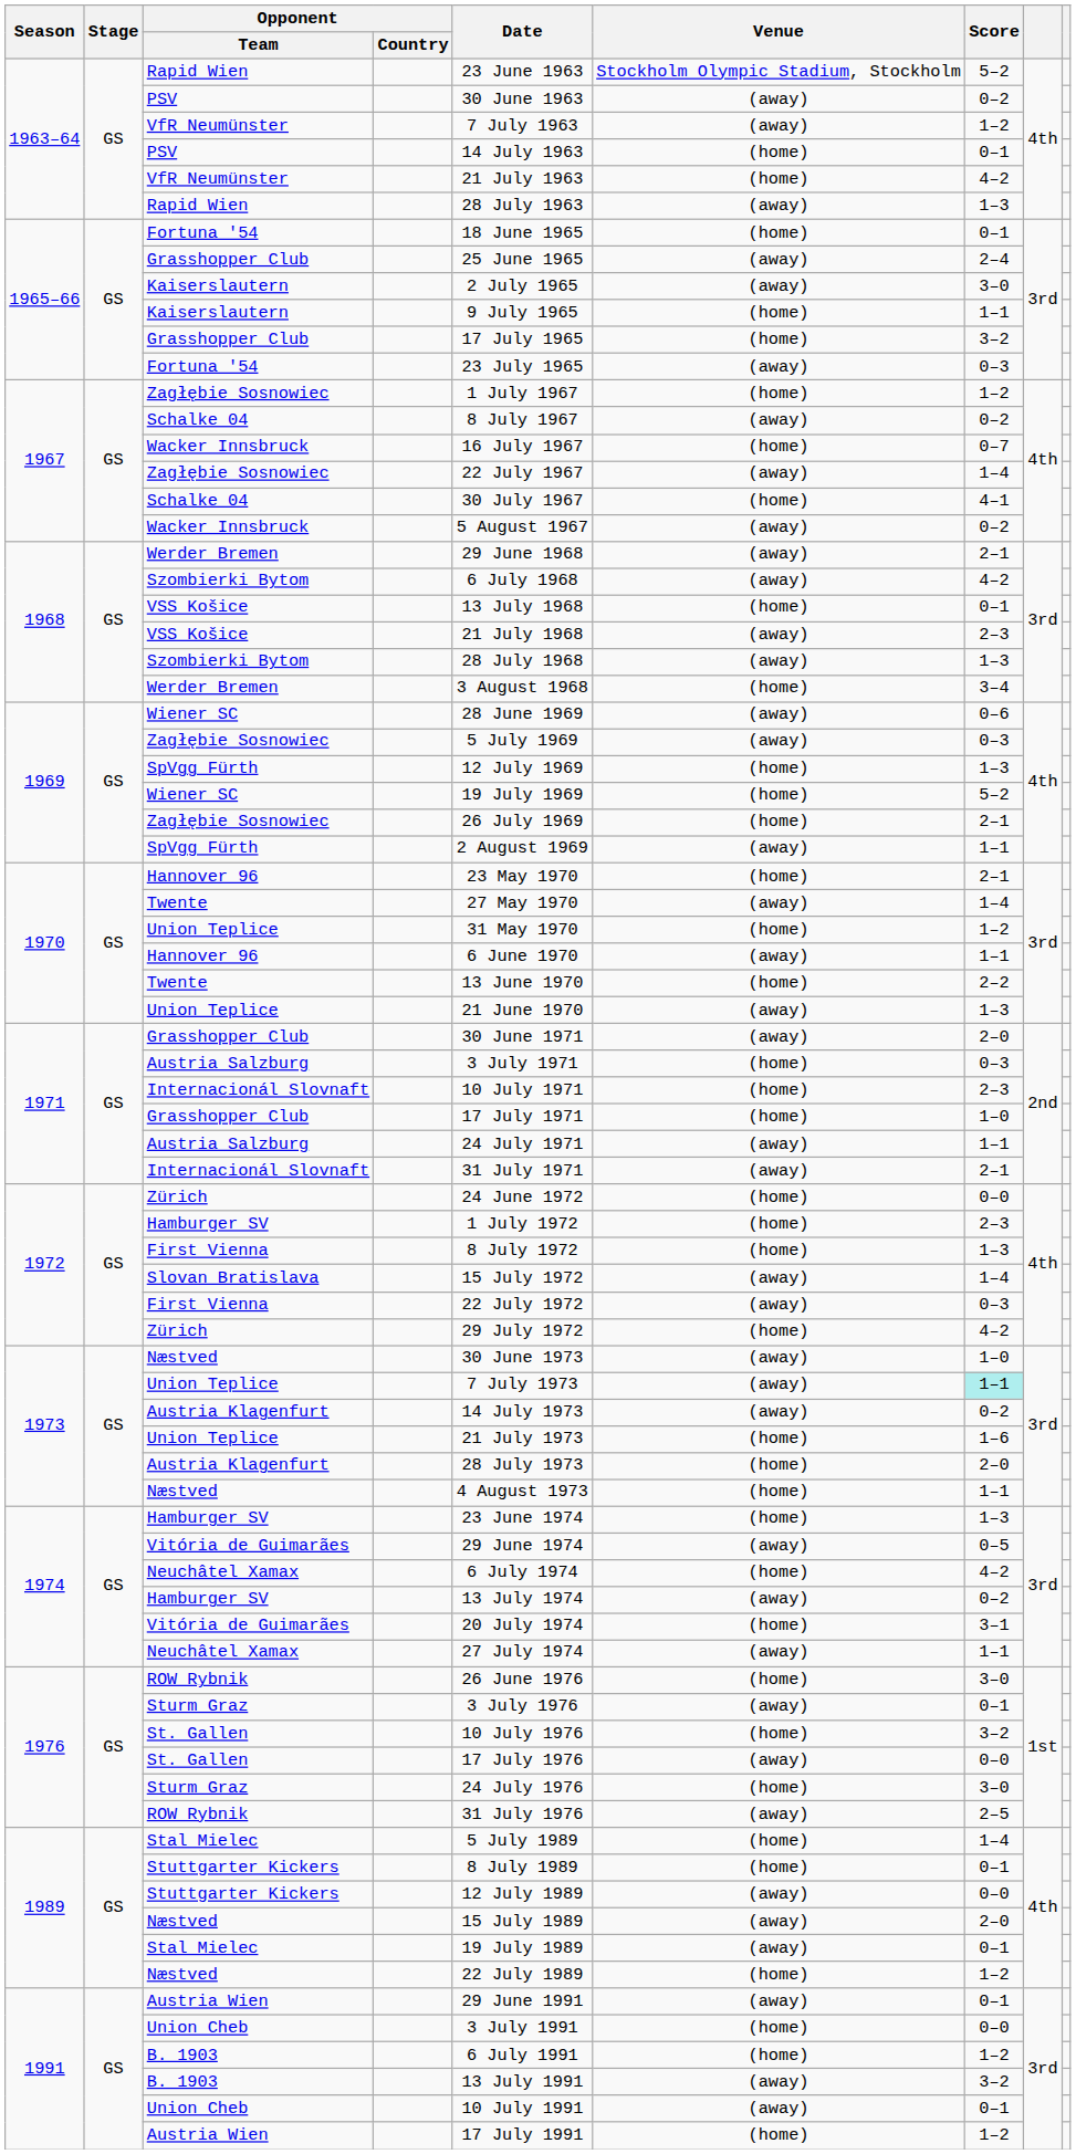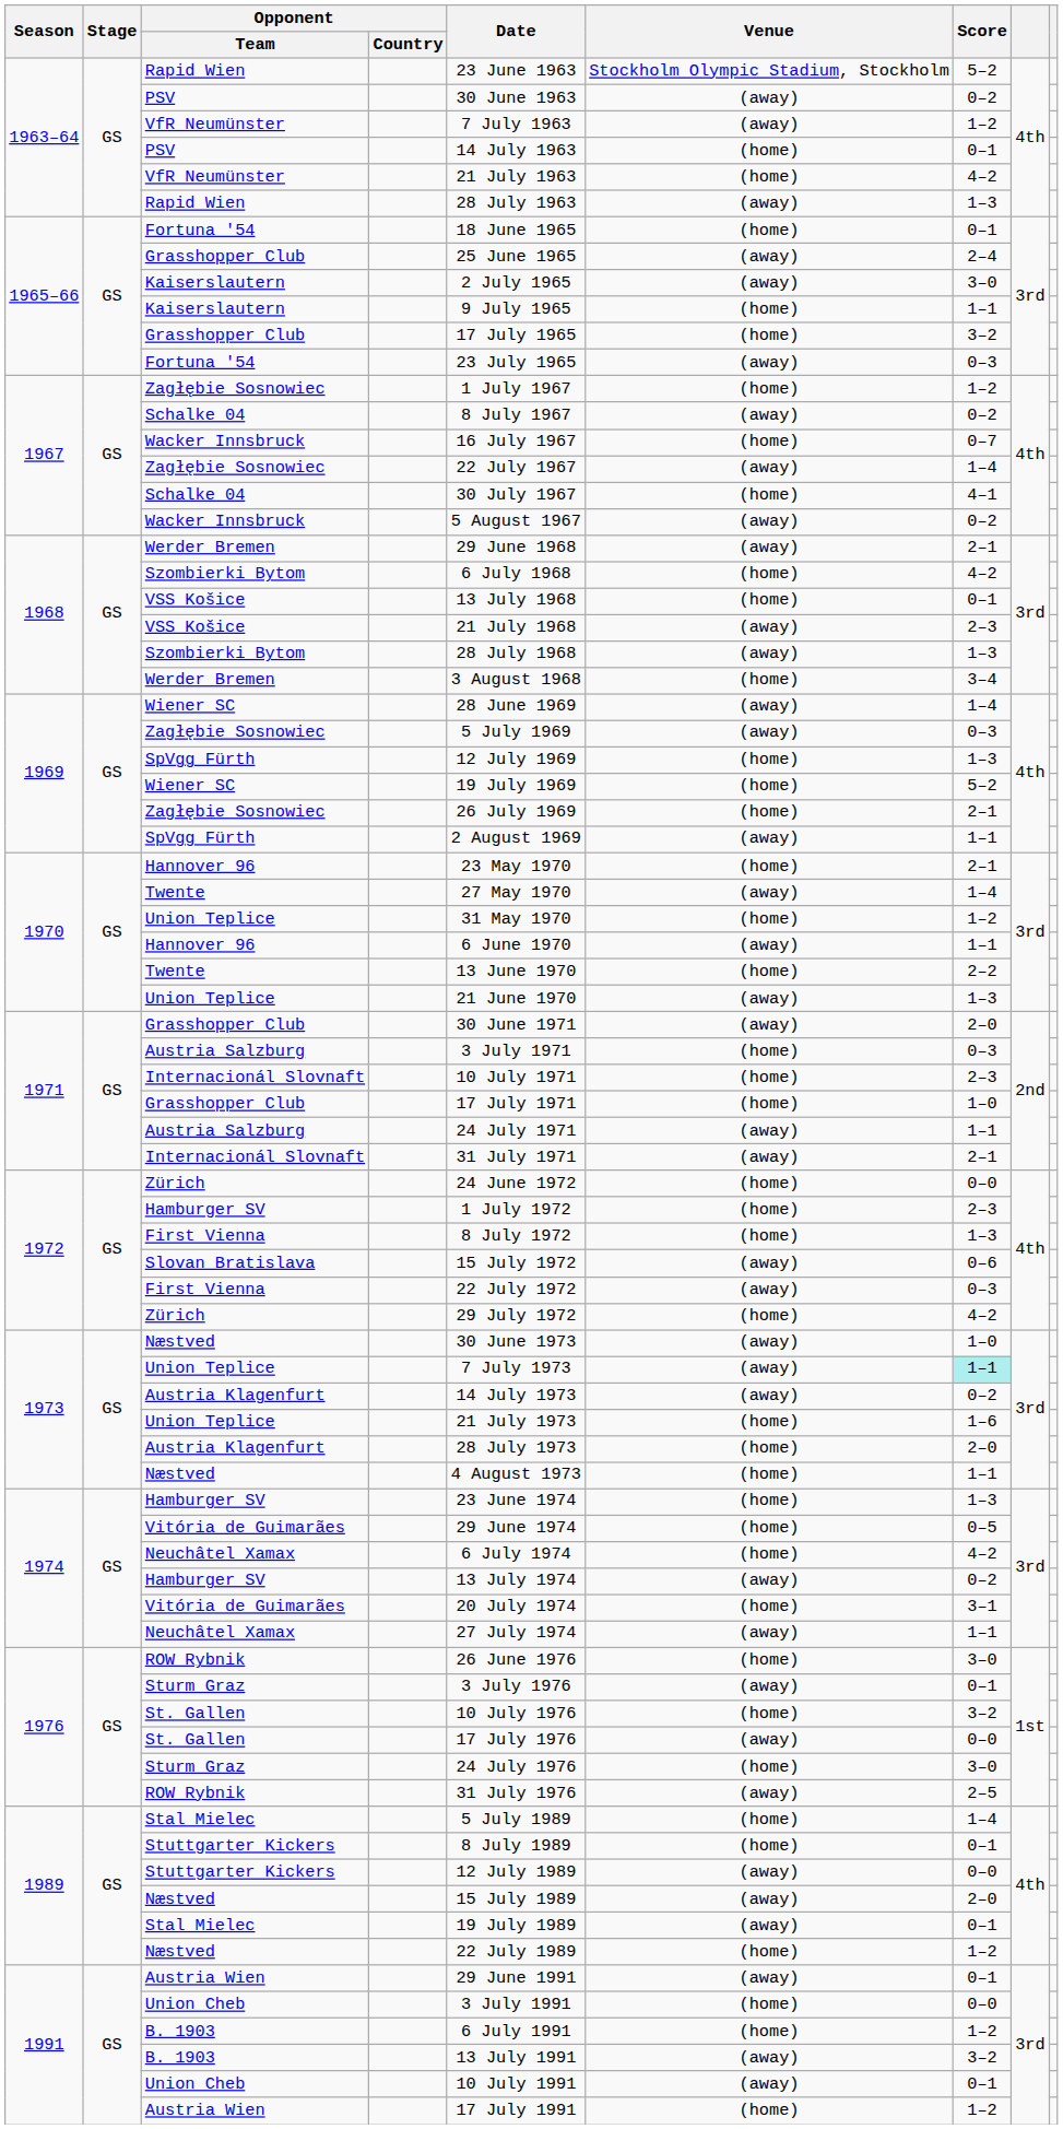 <table class="wikitable" style="text-align: center; font-size: 97%;">
 <tr>
 <th rowspan=2>Season</th>
 <th rowspan=2>Stage</th>
 <th scope="col" colspan=2>Opponent</th>
 <th scope="col" rowspan=2>Date</th>
 <th scope="col" rowspan=2>Venue</th>
 <th scope="col" rowspan=2>Score</th>
 <th scope="col" rowspan=2></th>
 <th scope="col" rowspan=2></th>
 </tr>
 <tr>
 <th scope="col">Team</th>
 <th scope="col">Country</th>
 </tr>
 <tr>
 <td rowspan=6><a href='#'>1963–64</a></td>
 <td rowspan=6>GS</td>
 <td align=left><a href='#'>Rapid Wien</a></td>
 <td align=left></td>
 <td>23 June 1963</td>
 <td><a href='#'>Stockholm Olympic Stadium</a>, Stockholm</td>
 <td>5–2</td>
 <td rowspan=6>4th</td>
 <td></td>
 </tr>
 <tr>
 <td align=left><a href='#'>PSV</a></td>
 <td align=left></td>
 <td>30 June 1963</td>
 <td>(away)</td>
 <td>0–2</td>
 <td></td>
 </tr>
 <tr>
 <td align=left><a href='#'>VfR Neumünster</a></td>
 <td align=left></td>
 <td>7 July 1963</td>
 <td>(away)</td>
 <td>1–2</td>
 <td></td>
 </tr>
 <tr>
 <td align=left><a href='#'>PSV</a></td>
 <td align=left></td>
 <td>14 July 1963</td>
 <td>(home)</td>
 <td>0–1</td>
 <td></td>
 </tr>
 <tr>
 <td align=left><a href='#'>VfR Neumünster</a></td>
 <td align=left></td>
 <td>21 July 1963</td>
 <td>(home)</td>
 <td>4–2</td>
 <td></td>
 </tr>
 <tr>
 <td align=left><a href='#'>Rapid Wien</a></td>
 <td align=left></td>
 <td>28 July 1963</td>
 <td>(away)</td>
 <td>1–3</td>
 <td></td>
 </tr>
 <tr>
 <td rowspan=6><a href='#'>1965–66</a></td>
 <td rowspan=6>GS</td>
 <td align=left><a href='#'>Fortuna '54</a></td>
 <td align=left></td>
 <td>18 June 1965</td>
 <td>(home)</td>
 <td>0–1</td>
 <td rowspan=6>3rd</td>
 <td></td>
 </tr>
 <tr>
 <td align=left><a href='#'>Grasshopper Club</a></td>
 <td align=left></td>
 <td>25 June 1965</td>
 <td>(away)</td>
 <td>2–4</td>
 <td></td>
 </tr>
 <tr>
 <td align=left><a href='#'>Kaiserslautern</a></td>
 <td align=left></td>
 <td>2 July 1965</td>
 <td>(away)</td>
 <td>3–0</td>
 <td></td>
 </tr>
 <tr>
 <td align=left><a href='#'>Kaiserslautern</a></td>
 <td align=left></td>
 <td>9 July 1965</td>
 <td>(home)</td>
 <td>1–1</td>
 <td></td>
 </tr>
 <tr>
 <td align=left><a href='#'>Grasshopper Club</a></td>
 <td align=left></td>
 <td>17 July 1965</td>
 <td>(home)</td>
 <td>3–2</td>
 <td></td>
 </tr>
 <tr>
 <td align=left><a href='#'>Fortuna '54</a></td>
 <td align=left></td>
 <td>23 July 1965</td>
 <td>(away)</td>
 <td>0–3</td>
 <td></td>
 </tr>
 <tr>
 <td rowspan=6><a href='#'>1967</a></td>
 <td rowspan=6>GS</td>
 <td align=left><a href='#'>Zagłębie Sosnowiec</a></td>
 <td align=left></td>
 <td>1 July 1967</td>
 <td>(home)</td>
 <td>1–2</td>
 <td rowspan=6>4th</td>
 <td></td>
 </tr>
 <tr>
 <td align=left><a href='#'>Schalke 04</a></td>
 <td align=left></td>
 <td>8 July 1967</td>
 <td>(away)</td>
 <td>0–2</td>
 <td></td>
 </tr>
 <tr>
 <td align=left><a href='#'>Wacker Innsbruck</a></td>
 <td align=left></td>
 <td>16 July 1967</td>
 <td>(home)</td>
 <td>0–7</td>
 <td></td>
 </tr>
 <tr>
 <td align=left><a href='#'>Zagłębie Sosnowiec</a></td>
 <td align=left></td>
 <td>22 July 1967</td>
 <td>(away)</td>
 <td>1–4</td>
 <td></td>
 </tr>
 <tr>
 <td align=left><a href='#'>Schalke 04</a></td>
 <td align=left></td>
 <td>30 July 1967</td>
 <td>(home)</td>
 <td>4–1</td>
 <td></td>
 </tr>
 <tr>
 <td align=left><a href='#'>Wacker Innsbruck</a></td>
 <td align=left></td>
 <td>5 August 1967</td>
 <td>(away)</td>
 <td>0–2</td>
 <td></td>
 </tr>
 <tr>
 <td rowspan=6><a href='#'>1968</a></td>
 <td rowspan=6>GS</td>
 <td align=left><a href='#'>Werder Bremen</a></td>
 <td align=left></td>
 <td>29 June 1968</td>
 <td>(away)</td>
 <td>2–1</td>
 <td rowspan=6>3rd</td>
 <td></td>
 </tr>
 <tr>
 <td align=left><a href='#'>Szombierki Bytom</a></td>
 <td align=left></td>
 <td>6 July 1968</td>
-<td>(away)</td>
+<td>(home)</td>
 <td>4–2</td>
 <td></td>
 </tr>
 <tr>
 <td align=left><a href='#'>VSS Košice</a></td>
 <td align=left></td>
 <td>13 July 1968</td>
 <td>(home)</td>
 <td>0–1</td>
 <td></td>
 </tr>
 <tr>
 <td align=left><a href='#'>VSS Košice</a></td>
 <td align=left></td>
 <td>21 July 1968</td>
 <td>(away)</td>
 <td>2–3</td>
 <td></td>
 </tr>
 <tr>
 <td align=left><a href='#'>Szombierki Bytom</a></td>
 <td align=left></td>
 <td>28 July 1968</td>
 <td>(away)</td>
 <td>1–3</td>
 <td></td>
 </tr>
 <tr>
 <td align=left><a href='#'>Werder Bremen</a></td>
 <td align=left></td>
 <td>3 August 1968</td>
 <td>(home)</td>
 <td>3–4</td>
 <td></td>
 </tr>
 <tr>
 <td rowspan=6><a href='#'>1969</a></td>
 <td rowspan=6>GS</td>
 <td align=left><a href='#'>Wiener SC</a></td>
 <td align=left></td>
 <td>28 June 1969</td>
 <td>(away)</td>
-<td>0–6</td>
+<td>1–4</td>
 <td rowspan=6>4th</td>
 <td></td>
 </tr>
 <tr>
 <td align=left><a href='#'>Zagłębie Sosnowiec</a></td>
 <td align=left></td>
 <td>5 July 1969</td>
 <td>(away)</td>
 <td>0–3</td>
 <td></td>
 </tr>
 <tr>
 <td align=left><a href='#'>SpVgg Fürth</a></td>
 <td align=left></td>
 <td>12 July 1969</td>
 <td>(home)</td>
 <td>1–3</td>
 <td></td>
 </tr>
 <tr>
 <td align=left><a href='#'>Wiener SC</a></td>
 <td align=left></td>
 <td>19 July 1969</td>
 <td>(home)</td>
 <td>5–2</td>
 <td></td>
 </tr>
 <tr>
 <td align=left><a href='#'>Zagłębie Sosnowiec</a></td>
 <td align=left></td>
 <td>26 July 1969</td>
 <td>(home)</td>
 <td>2–1</td>
 <td></td>
 </tr>
 <tr>
 <td align=left><a href='#'>SpVgg Fürth</a></td>
 <td align=left></td>
 <td>2 August 1969</td>
 <td>(away)</td>
 <td>1–1</td>
 <td></td>
 </tr>
 <tr>
 <td rowspan=6><a href='#'>1970</a></td>
 <td rowspan=6>GS</td>
 <td align=left><a href='#'>Hannover 96</a></td>
 <td align=left></td>
 <td>23 May 1970</td>
 <td>(home)</td>
 <td>2–1</td>
 <td rowspan=6>3rd</td>
 <td></td>
 </tr>
 <tr>
 <td align=left><a href='#'>Twente</a></td>
 <td align=left></td>
 <td>27 May 1970</td>
 <td>(away)</td>
 <td>1–4</td>
 <td></td>
 </tr>
 <tr>
 <td align=left><a href='#'>Union Teplice</a></td>
 <td align=left></td>
 <td>31 May 1970</td>
 <td>(home)</td>
 <td>1–2</td>
 <td></td>
 </tr>
 <tr>
 <td align=left><a href='#'>Hannover 96</a></td>
 <td align=left></td>
 <td>6 June 1970</td>
 <td>(away)</td>
 <td>1–1</td>
 <td></td>
 </tr>
 <tr>
 <td align=left><a href='#'>Twente</a></td>
 <td align=left></td>
 <td>13 June 1970</td>
 <td>(home)</td>
 <td>2–2</td>
 <td></td>
 </tr>
 <tr>
 <td align=left><a href='#'>Union Teplice</a></td>
 <td align=left></td>
 <td>21 June 1970</td>
 <td>(away)</td>
 <td>1–3</td>
 <td></td>
 </tr>
 <tr>
 <td rowspan=6><a href='#'>1971</a></td>
 <td rowspan=6>GS</td>
 <td align=left><a href='#'>Grasshopper Club</a></td>
 <td align=left></td>
 <td>30 June 1971</td>
 <td>(away)</td>
 <td>2–0</td>
 <td rowspan=6>2nd</td>
 <td></td>
 </tr>
 <tr>
 <td align=left><a href='#'>Austria Salzburg</a></td>
 <td align=left></td>
 <td>3 July 1971</td>
 <td>(home)</td>
 <td>0–3</td>
 <td></td>
 </tr>
 <tr>
 <td align=left><a href='#'>Internacionál Slovnaft</a></td>
 <td align=left></td>
 <td>10 July 1971</td>
 <td>(home)</td>
 <td>2–3</td>
 <td></td>
 </tr>
 <tr>
 <td align=left><a href='#'>Grasshopper Club</a></td>
 <td align=left></td>
 <td>17 July 1971</td>
 <td>(home)</td>
 <td>1–0</td>
 <td></td>
 </tr>
 <tr>
 <td align=left><a href='#'>Austria Salzburg</a></td>
 <td align=left></td>
 <td>24 July 1971</td>
 <td>(away)</td>
 <td>1–1</td>
 <td></td>
 </tr>
 <tr>
 <td align=left><a href='#'>Internacionál Slovnaft</a></td>
 <td align=left></td>
 <td>31 July 1971</td>
 <td>(away)</td>
 <td>2–1</td>
 <td></td>
 </tr>
 <tr>
 <td rowspan=6><a href='#'>1972</a></td>
 <td rowspan=6>GS</td>
 <td align=left><a href='#'>Zürich</a></td>
 <td align=left></td>
 <td>24 June 1972</td>
 <td>(home)</td>
 <td>0–0</td>
 <td rowspan=6>4th</td>
 <td></td>
 </tr>
 <tr>
 <td align=left><a href='#'>Hamburger SV</a></td>
 <td align=left></td>
 <td>1 July 1972</td>
 <td>(home)</td>
 <td>2–3</td>
 <td></td>
 </tr>
 <tr>
 <td align=left><a href='#'>First Vienna</a></td>
 <td align=left></td>
 <td>8 July 1972</td>
 <td>(home)</td>
 <td>1–3</td>
 <td></td>
 </tr>
 <tr>
 <td align=left><a href='#'>Slovan Bratislava</a></td>
 <td align=left></td>
 <td>15 July 1972</td>
 <td>(away)</td>
-<td>1–4</td>
+<td>0–6</td>
 <td></td>
 </tr>
 <tr>
 <td align=left><a href='#'>First Vienna</a></td>
 <td align=left></td>
 <td>22 July 1972</td>
 <td>(away)</td>
 <td>0–3</td>
 <td></td>
 </tr>
 <tr>
 <td align=left><a href='#'>Zürich</a></td>
 <td align=left></td>
 <td>29 July 1972</td>
 <td>(home)</td>
 <td>4–2</td>
 <td></td>
 </tr>
 <tr>
 <td rowspan=6><a href='#'>1973</a></td>
 <td rowspan=6>GS</td>
 <td align=left><a href='#'>Næstved</a></td>
 <td align=left></td>
 <td>30 June 1973</td>
 <td>(away)</td>
 <td>1–0</td>
 <td rowspan=6>3rd</td>
 <td></td>
 </tr>
 <tr>
 <td align=left><a href='#'>Union Teplice</a></td>
 <td align=left></td>
 <td>7 July 1973</td>
 <td>(away)</td>
 <td style="background: paleturquoise;">1–1</td>
 <td></td>
 </tr>
 <tr>
 <td align=left><a href='#'>Austria Klagenfurt</a></td>
 <td align=left></td>
 <td>14 July 1973</td>
 <td>(away)</td>
 <td>0–2</td>
 <td></td>
 </tr>
 <tr>
 <td align=left><a href='#'>Union Teplice</a></td>
 <td align=left></td>
 <td>21 July 1973</td>
 <td>(home)</td>
 <td>1–6</td>
 <td></td>
 </tr>
 <tr>
 <td align=left><a href='#'>Austria Klagenfurt</a></td>
 <td align=left></td>
 <td>28 July 1973</td>
 <td>(home)</td>
 <td>2–0</td>
 <td></td>
 </tr>
 <tr>
 <td align=left><a href='#'>Næstved</a></td>
 <td align=left></td>
 <td>4 August 1973</td>
 <td>(home)</td>
 <td>1–1</td>
 <td></td>
 </tr>
 <tr>
 <td rowspan=6><a href='#'>1974</a></td>
 <td rowspan=6>GS</td>
 <td align=left><a href='#'>Hamburger SV</a></td>
 <td align=left></td>
 <td>23 June 1974</td>
 <td>(home)</td>
 <td>1–3</td>
 <td rowspan=6>3rd</td>
 <td></td>
 </tr>
 <tr>
 <td align=left><a href='#'>Vitória de Guimarães</a></td>
 <td align=left></td>
 <td>29 June 1974</td>
-<td>(away)</td>
+<td>(home)</td>
 <td>0–5</td>
 <td></td>
 </tr>
 <tr>
 <td align=left><a href='#'>Neuchâtel Xamax</a></td>
 <td align=left></td>
 <td>6 July 1974</td>
 <td>(home)</td>
 <td>4–2</td>
 <td></td>
 </tr>
 <tr>
 <td align=left><a href='#'>Hamburger SV</a></td>
 <td align=left></td>
 <td>13 July 1974</td>
 <td>(away)</td>
 <td>0–2</td>
 <td></td>
 </tr>
 <tr>
 <td align=left><a href='#'>Vitória de Guimarães</a></td>
 <td align=left></td>
 <td>20 July 1974</td>
 <td>(home)</td>
 <td>3–1</td>
 <td></td>
 </tr>
 <tr>
 <td align=left><a href='#'>Neuchâtel Xamax</a></td>
 <td align=left></td>
 <td>27 July 1974</td>
 <td>(away)</td>
 <td>1–1</td>
 <td></td>
 </tr>
 <tr>
 <td rowspan=6><a href='#'>1976</a></td>
 <td rowspan=6>GS</td>
 <td align=left><a href='#'>ROW Rybnik</a></td>
 <td align=left></td>
 <td>26 June 1976</td>
 <td>(home)</td>
 <td>3–0</td>
 <td rowspan=6>1st</td>
 <td></td>
 </tr>
 <tr>
 <td align=left><a href='#'>Sturm Graz</a></td>
 <td align=left></td>
 <td>3 July 1976</td>
 <td>(away)</td>
 <td>0–1</td>
 <td></td>
 </tr>
 <tr>
 <td align=left><a href='#'>St. Gallen</a></td>
 <td align=left></td>
 <td>10 July 1976</td>
 <td>(home)</td>
 <td>3–2</td>
 <td></td>
 </tr>
 <tr>
 <td align=left><a href='#'>St. Gallen</a></td>
 <td align=left></td>
 <td>17 July 1976</td>
 <td>(away)</td>
 <td>0–0</td>
 <td></td>
 </tr>
 <tr>
 <td align=left><a href='#'>Sturm Graz</a></td>
 <td align=left></td>
 <td>24 July 1976</td>
 <td>(home)</td>
 <td>3–0</td>
 <td></td>
 </tr>
 <tr>
 <td align=left><a href='#'>ROW Rybnik</a></td>
 <td align=left></td>
 <td>31 July 1976</td>
 <td>(away)</td>
 <td>2–5</td>
 <td></td>
 </tr>
 <tr>
 <td rowspan=6><a href='#'>1989</a></td>
 <td rowspan=6>GS</td>
 <td align=left><a href='#'>Stal Mielec</a></td>
 <td align=left></td>
 <td>5 July 1989</td>
 <td>(home)</td>
 <td>1–4</td>
 <td rowspan=6>4th</td>
 <td></td>
 </tr>
 <tr>
 <td align=left><a href='#'>Stuttgarter Kickers</a></td>
 <td align=left></td>
 <td>8 July 1989</td>
 <td>(home)</td>
 <td>0–1</td>
 <td></td>
 </tr>
 <tr>
 <td align=left><a href='#'>Stuttgarter Kickers</a></td>
 <td align=left></td>
 <td>12 July 1989</td>
 <td>(away)</td>
 <td>0–0</td>
 <td></td>
 </tr>
 <tr>
 <td align=left><a href='#'>Næstved</a></td>
 <td align=left></td>
 <td>15 July 1989</td>
 <td>(away)</td>
 <td>2–0</td>
 <td></td>
 </tr>
 <tr>
 <td align=left><a href='#'>Stal Mielec</a></td>
 <td align=left></td>
 <td>19 July 1989</td>
 <td>(away)</td>
 <td>0–1</td>
 <td></td>
 </tr>
 <tr>
 <td align=left><a href='#'>Næstved</a></td>
 <td align=left></td>
 <td>22 July 1989</td>
 <td>(home)</td>
 <td>1–2</td>
 <td></td>
 </tr>
 <tr>
 <td rowspan=6><a href='#'>1991</a></td>
 <td rowspan=6>GS</td>
 <td align=left><a href='#'>Austria Wien</a></td>
 <td align=left></td>
 <td>29 June 1991</td>
 <td>(away)</td>
 <td>0–1</td>
 <td rowspan=6>3rd</td>
 <td></td>
 </tr>
 <tr>
 <td align=left><a href='#'>Union Cheb</a></td>
 <td align=left></td>
 <td>3 July 1991</td>
 <td>(home)</td>
 <td>0–0</td>
 <td></td>
 </tr>
 <tr>
 <td align=left><a href='#'>B. 1903</a></td>
 <td align=left></td>
 <td>6 July 1991</td>
 <td>(home)</td>
 <td>1–2</td>
 <td></td>
 </tr>
 <tr>
 <td align=left><a href='#'>B. 1903</a></td>
 <td align=left></td>
 <td>13 July 1991</td>
 <td>(away)</td>
 <td>3–2</td>
 <td></td>
 </tr>
 <tr>
 <td align=left><a href='#'>Union Cheb</a></td>
 <td align=left></td>
 <td>10 July 1991</td>
 <td>(away)</td>
 <td>0–1</td>
 <td></td>
 </tr>
 <tr>
 <td align=left><a href='#'>Austria Wien</a></td>
 <td align=left></td>
 <td>17 July 1991</td>
 <td>(home)</td>
 <td>1–2</td>
 <td></td>
 </tr>
 </table>
